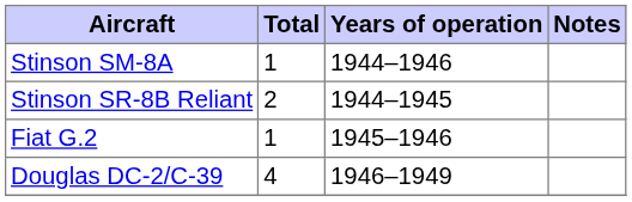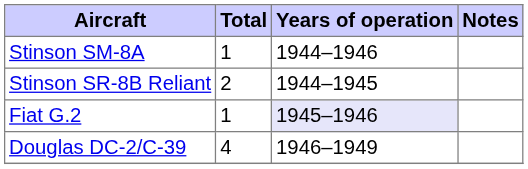 <table class="toccolours" border="1" cellpadding="3" style="border-collapse:collapse">
 <tr bgcolor=#ccccff>
 <th>Aircraft</th>
 <th>Total</th>
 <th>Years of operation</th>
 <th>Notes</th>
 </tr>
 <tr>
 <td><a href='#'>Stinson SM-8A</a></td>
 <td>1</td>
 <td>1944–1946</td>
 <td></td>
 </tr>
 <tr>
 <td><a href='#'>Stinson SR-8B Reliant</a></td>
 <td>2</td>
 <td>1944–1945</td>
 <td></td>
 </tr>
 <tr>
 <td><a href='#'>Fiat G.2</a></td>
 <td>1</td>
-<td>1945–1946</td>
+<td style="background: lavender;">1945–1946</td>
 <td></td>
 </tr>
 <tr>
 <td><a href='#'>Douglas DC-2/C-39</a></td>
 <td>4</td>
 <td>1946–1949</td>
 <td></td>
 </tr>
 <tr>
 </tr>
 </table>
